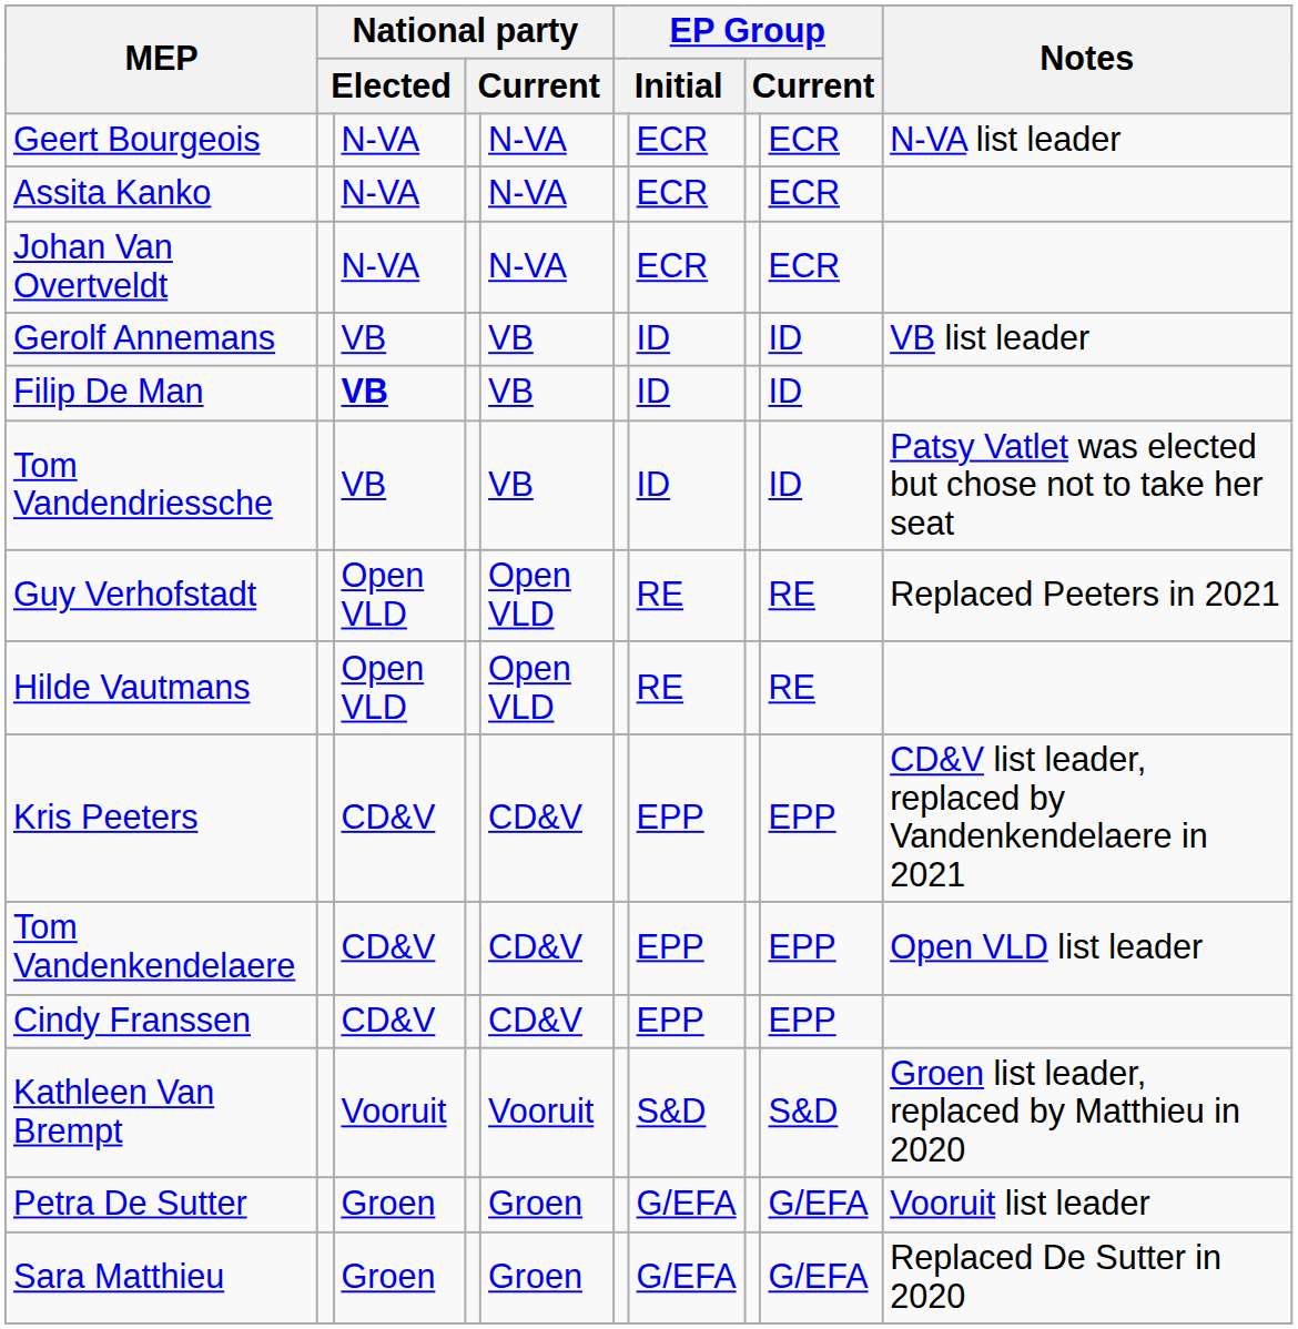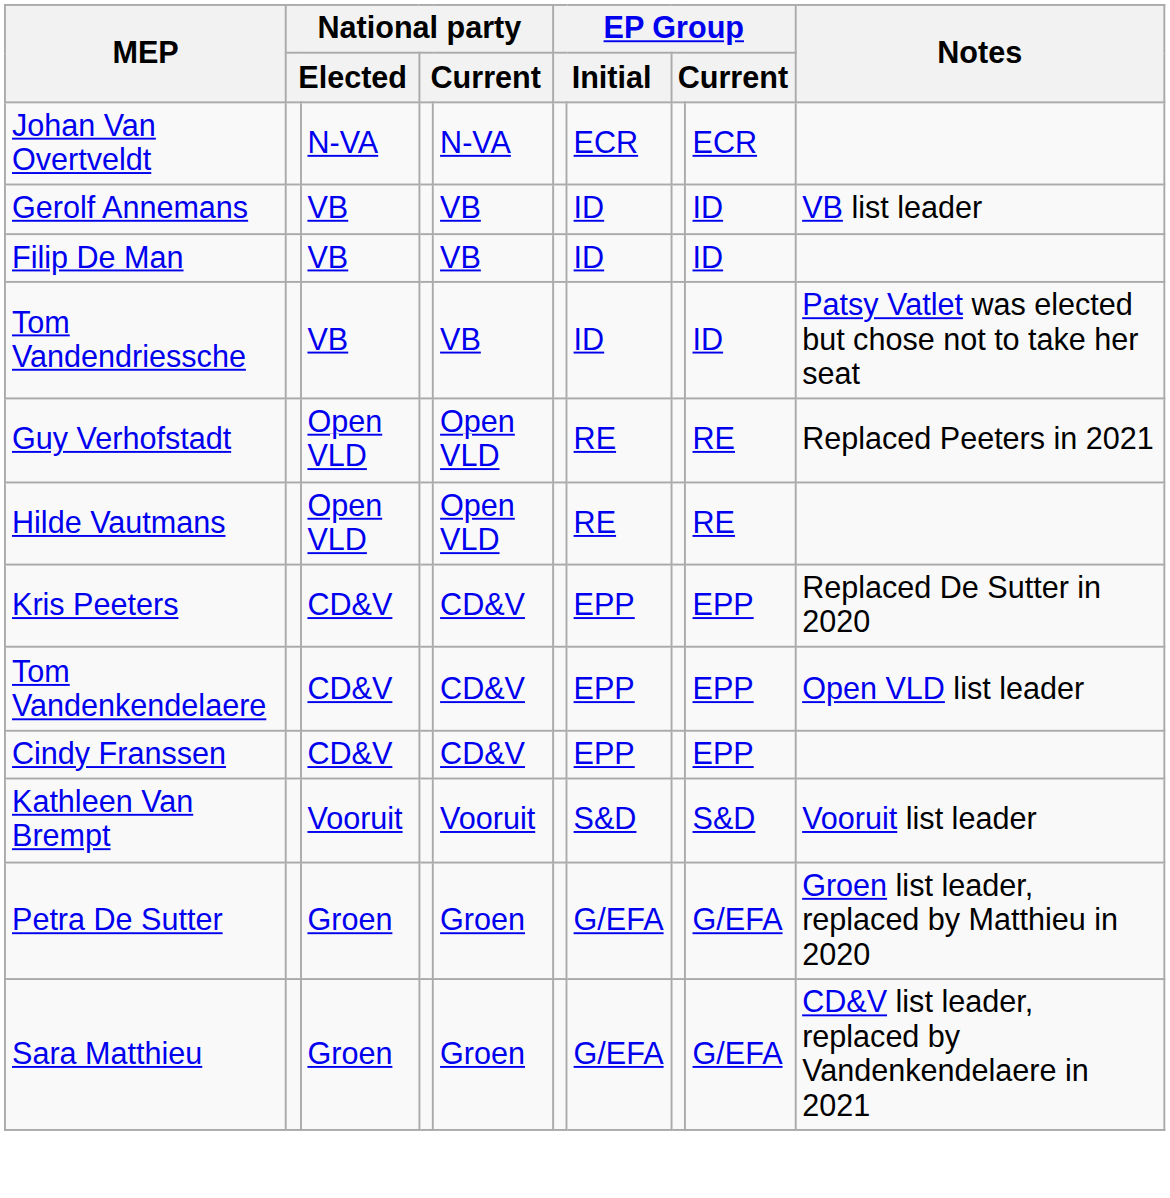 <table class="wikitable sortable" style="text-align:left">
 <tr>
 <th rowspan="2">MEP</th>
 <th colspan="4">National party</th>
 <th colspan="4"><a href='#'>EP Group</a></th>
 <th rowspan="2">Notes</th>
 </tr>
 <tr>
 <th colspan="2">Elected</th>
 <th colspan="2">Current</th>
 <th colspan="2">Initial</th>
 <th colspan="2">Current</th>
-</tr>
-<tr>
-<td><a href='#'>Geert Bourgeois</a></td>
-<td style="background: "></td>
-<td><a href='#'>N-VA</a></td>
-<td style="background: "></td>
-<td><a href='#'>N-VA</a></td>
-<td style="background: "></td>
-<td><a href='#'>ECR</a></td>
-<td style="background: "></td>
-<td><a href='#'>ECR</a></td>
-<td><a href='#'>N-VA</a> list leader</td>
-</tr>
-<tr>
-<td><a href='#'>Assita Kanko</a></td>
-<td style="background: "></td>
-<td><a href='#'>N-VA</a></td>
-<td style="background: "></td>
-<td><a href='#'>N-VA</a></td>
-<td style="background: "></td>
-<td><a href='#'>ECR</a></td>
-<td style="background: "></td>
-<td><a href='#'>ECR</a></td>
-<td></td>
 </tr>
 <tr>
 <td><a href='#'>Johan Van Overtveldt</a></td>
 <td style="background: "></td>
 <td><a href='#'>N-VA</a></td>
 <td style="background: "></td>
 <td><a href='#'>N-VA</a></td>
 <td style="background: "></td>
 <td><a href='#'>ECR</a></td>
 <td style="background: "></td>
 <td><a href='#'>ECR</a></td>
 <td></td>
 </tr>
 <tr>
 <td><a href='#'>Gerolf Annemans</a></td>
 <td style="background: "></td>
 <td><a href='#'>VB</a></td>
 <td style="background: "></td>
 <td><a href='#'>VB</a></td>
 <td style="background: "></td>
 <td><a href='#'>ID</a></td>
 <td style="background: "></td>
 <td><a href='#'>ID</a></td>
 <td><a href='#'>VB</a> list leader</td>
 </tr>
 <tr>
 <td><a href='#'>Filip De Man</a></td>
 <td style="background: "></td>
-<td><strong><a href='#'>VB</a></strong></td>
+<td><a href='#'>VB</a></td>
 <td style="background: "></td>
 <td><a href='#'>VB</a></td>
 <td style="background: "></td>
 <td><a href='#'>ID</a></td>
 <td style="background: "></td>
 <td><a href='#'>ID</a></td>
 <td></td>
 </tr>
 <tr>
 <td><a href='#'>Tom Vandendriessche</a></td>
 <td style="background: "></td>
 <td><a href='#'>VB</a></td>
 <td style="background: "></td>
 <td><a href='#'>VB</a></td>
 <td style="background: "></td>
 <td><a href='#'>ID</a></td>
 <td style="background: "></td>
 <td><a href='#'>ID</a></td>
 <td><a href='#'>Patsy Vatlet</a> was elected but chose not to take her seat</td>
 </tr>
 <tr>
 <td><a href='#'>Guy Verhofstadt</a></td>
 <td style="background: "></td>
 <td><a href='#'>Open VLD</a></td>
 <td style="background: "></td>
 <td><a href='#'>Open VLD</a></td>
 <td style="background: "></td>
 <td><a href='#'>RE</a></td>
 <td style="background: "></td>
 <td><a href='#'>RE</a></td>
 <td>Replaced Peeters in 2021</td>
 </tr>
 <tr>
 <td><a href='#'>Hilde Vautmans</a></td>
 <td style="background: "></td>
 <td><a href='#'>Open VLD</a></td>
 <td style="background: "></td>
 <td><a href='#'>Open VLD</a></td>
 <td style="background: "></td>
 <td><a href='#'>RE</a></td>
 <td style="background: "></td>
 <td><a href='#'>RE</a></td>
 <td></td>
 </tr>
 <tr>
 <td><a href='#'>Kris Peeters</a></td>
 <td style="background: "></td>
 <td><a href='#'>CD&V</a></td>
 <td style="background: "></td>
 <td><a href='#'>CD&V</a></td>
 <td style="background: "></td>
 <td><a href='#'>EPP</a></td>
 <td style="background: "></td>
 <td><a href='#'>EPP</a></td>
-<td><a href='#'>CD&V</a> list leader, replaced by Vandenkendelaere in 2021</td>
+<td>Replaced De Sutter in 2020</td>
 </tr>
 <tr>
 <td><a href='#'>Tom Vandenkendelaere</a></td>
 <td style="background: "></td>
 <td><a href='#'>CD&V</a></td>
 <td style="background: "></td>
 <td><a href='#'>CD&V</a></td>
 <td style="background: "></td>
 <td><a href='#'>EPP</a></td>
 <td style="background: "></td>
 <td><a href='#'>EPP</a></td>
 <td><a href='#'>Open VLD</a> list leader</td>
 </tr>
 <tr>
 <td><a href='#'>Cindy Franssen</a></td>
 <td style="background: "></td>
 <td><a href='#'>CD&V</a></td>
 <td style="background: "></td>
 <td><a href='#'>CD&V</a></td>
 <td style="background: "></td>
 <td><a href='#'>EPP</a></td>
 <td style="background: "></td>
 <td><a href='#'>EPP</a></td>
 <td></td>
 </tr>
 <tr>
 <td><a href='#'>Kathleen Van Brempt</a></td>
 <td style="background: "></td>
 <td><a href='#'>Vooruit</a></td>
 <td style="background: "></td>
 <td><a href='#'>Vooruit</a></td>
 <td style="background: "></td>
 <td><a href='#'>S&D</a></td>
 <td style="background: "></td>
 <td><a href='#'>S&D</a></td>
-<td><a href='#'>Groen</a> list leader, replaced by Matthieu in 2020</td>
+<td><a href='#'>Vooruit</a> list leader</td>
 </tr>
 <tr>
 <td><a href='#'>Petra De Sutter</a></td>
 <td style="background: "></td>
 <td><a href='#'>Groen</a></td>
 <td style="background: "></td>
 <td><a href='#'>Groen</a></td>
 <td style="background: "></td>
 <td><a href='#'>G/EFA</a></td>
 <td style="background: "></td>
 <td><a href='#'>G/EFA</a></td>
-<td><a href='#'>Vooruit</a> list leader</td>
+<td><a href='#'>Groen</a> list leader, replaced by Matthieu in 2020</td>
 </tr>
 <tr>
 <td><a href='#'>Sara Matthieu</a></td>
 <td style="background: "></td>
 <td><a href='#'>Groen</a></td>
 <td style="background: "></td>
 <td><a href='#'>Groen</a></td>
 <td style="background: "></td>
 <td><a href='#'>G/EFA</a></td>
 <td style="background: "></td>
 <td><a href='#'>G/EFA</a></td>
-<td>Replaced De Sutter in 2020</td>
+<td><a href='#'>CD&V</a> list leader, replaced by Vandenkendelaere in 2021</td>
 </tr>
 </table>
